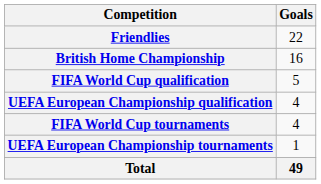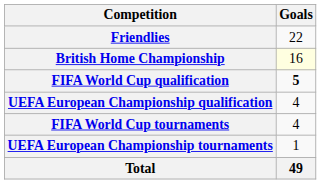 <table class="wikitable sortable plainrowheaders" style="text-align: center">
 <tr>
 <th scope=col>Competition</th>
 <th scope=col>Goals</th>
 </tr>
 <tr>
 <th scope=row><a href='#'>Friendlies</a></th>
 <td>22</td>
 </tr>
 <tr>
 <th scope=row><a href='#'>British Home Championship</a></th>
-<td>16</td>
+<td style="background: lightyellow;">16</td>
 </tr>
 <tr>
 <th scope=row><a href='#'>FIFA World Cup qualification</a></th>
-<td>5</td>
+<td><strong>5</strong></td>
 </tr>
 <tr>
 <th scope=row><a href='#'>UEFA European Championship qualification</a></th>
 <td>4</td>
 </tr>
 <tr>
 <th scope=row><a href='#'>FIFA World Cup tournaments</a></th>
 <td>4</td>
 </tr>
 <tr>
 <th scope=row><a href='#'>UEFA European Championship tournaments</a></th>
 <td>1</td>
 </tr>
 <tr>
 <th>Total</th>
 <th>49</th>
 </tr>
 </table>
